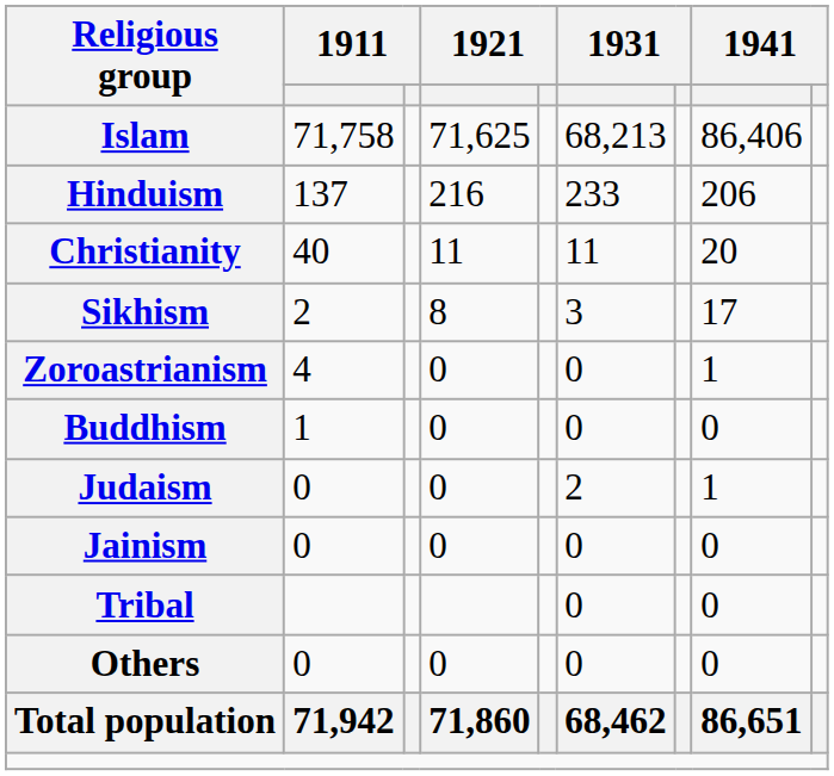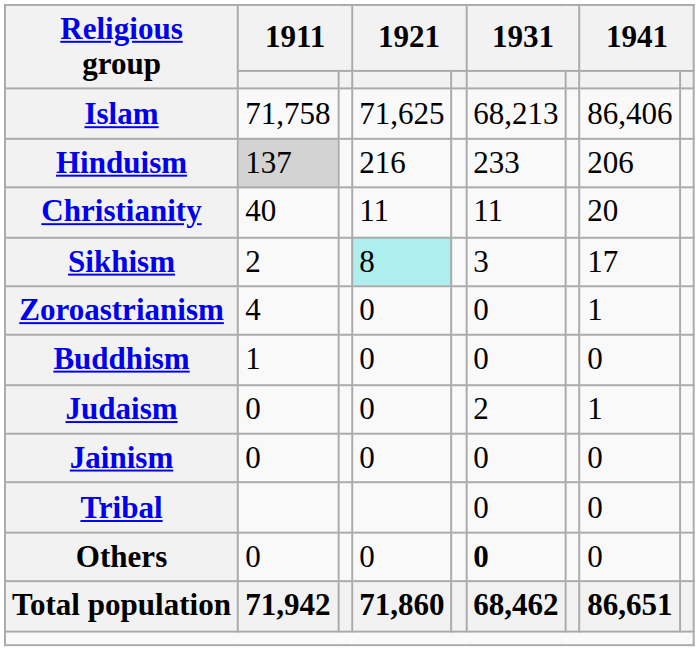 <table class="wikitable sortable">
 <tr>
 <th rowspan="2"><a href='#'>Religious</a><br>group</th>
 <th colspan="2">1911</th>
 <th colspan="2">1921</th>
 <th colspan="2">1931</th>
 <th colspan="2">1941</th>
 </tr>
 <tr>
 <th><a href='#'></a></th>
 <th></th>
 <th></th>
 <th></th>
 <th></th>
 <th></th>
 <th></th>
 <th></th>
 </tr>
 <tr>
 <th><a href='#'>Islam</a> </th>
 <td>71,758</td>
 <td></td>
 <td>71,625</td>
 <td></td>
 <td>68,213</td>
 <td></td>
 <td>86,406</td>
 <td></td>
 </tr>
 <tr>
 <th><a href='#'>Hinduism</a> </th>
-<td>137</td>
+<td style="background: lightgrey;">137</td>
 <td></td>
 <td>216</td>
 <td></td>
 <td>233</td>
 <td></td>
 <td>206</td>
 <td></td>
 </tr>
 <tr>
 <th><a href='#'>Christianity</a> </th>
 <td>40</td>
 <td></td>
 <td>11</td>
 <td></td>
 <td>11</td>
 <td></td>
 <td>20</td>
 <td></td>
 </tr>
 <tr>
 <th><a href='#'>Sikhism</a> </th>
 <td>2</td>
 <td></td>
-<td>8</td>
+<td style="background: paleturquoise;">8</td>
 <td></td>
 <td>3</td>
 <td></td>
 <td>17</td>
 <td></td>
 </tr>
 <tr>
 <th><a href='#'>Zoroastrianism</a> </th>
 <td>4</td>
 <td></td>
 <td>0</td>
 <td></td>
 <td>0</td>
 <td></td>
 <td>1</td>
 <td></td>
 </tr>
 <tr>
 <th><a href='#'>Buddhism</a> </th>
 <td>1</td>
 <td></td>
 <td>0</td>
 <td></td>
 <td>0</td>
 <td></td>
 <td>0</td>
 <td></td>
 </tr>
 <tr>
 <th><a href='#'>Judaism</a> </th>
 <td>0</td>
 <td></td>
 <td>0</td>
 <td></td>
 <td>2</td>
 <td></td>
 <td>1</td>
 <td></td>
 </tr>
 <tr>
 <th><a href='#'>Jainism</a> </th>
 <td>0</td>
 <td></td>
 <td>0</td>
 <td></td>
 <td>0</td>
 <td></td>
 <td>0</td>
 <td></td>
 </tr>
 <tr>
 <th><a href='#'>Tribal</a></th>
 <td></td>
 <td></td>
 <td></td>
 <td></td>
 <td>0</td>
 <td></td>
 <td>0</td>
 <td></td>
 </tr>
 <tr>
 <th>Others</th>
 <td>0</td>
 <td></td>
 <td>0</td>
 <td></td>
-<td>0</td>
+<td><strong>0</strong></td>
 <td></td>
 <td>0</td>
 <td></td>
 </tr>
 <tr>
 <th>Total population</th>
 <th>71,942</th>
 <th></th>
 <th>71,860</th>
 <th></th>
 <th>68,462</th>
 <th></th>
 <th>86,651</th>
 <th></th>
 </tr>
 <tr class="sortbottom">
 <td colspan="11"></td>
 </tr>
 </table>
